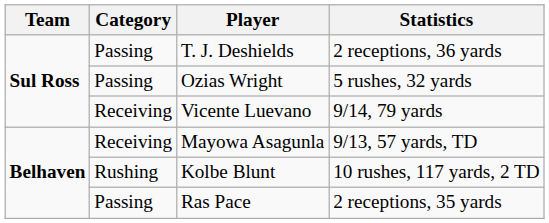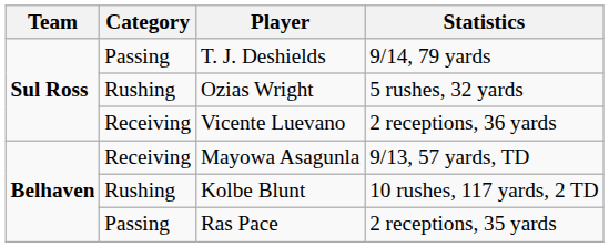 <table class="wikitable" style="float: right;">
 <tr>
 <th>Team</th>
 <th>Category</th>
 <th>Player</th>
 <th>Statistics</th>
 </tr>
 <tr>
 <td rowspan=3><strong>Sul Ross</strong></td>
 <td>Passing</td>
 <td>T. J. Deshields</td>
-<td>2 receptions, 36 yards</td>
+<td>9/14, 79 yards</td>
 </tr>
 <tr>
-<td>Passing</td>
+<td>Rushing</td>
 <td>Ozias Wright</td>
 <td>5 rushes, 32 yards</td>
 </tr>
 <tr>
 <td>Receiving</td>
 <td>Vicente Luevano</td>
-<td>9/14, 79 yards</td>
+<td>2 receptions, 36 yards</td>
 </tr>
 <tr>
 <td rowspan=3><strong>Belhaven</strong></td>
 <td>Receiving</td>
 <td>Mayowa Asagunla</td>
 <td>9/13, 57 yards, TD</td>
 </tr>
 <tr>
 <td>Rushing</td>
 <td>Kolbe Blunt</td>
 <td>10 rushes, 117 yards, 2 TD</td>
 </tr>
 <tr>
 <td>Passing</td>
 <td>Ras Pace</td>
 <td>2 receptions, 35 yards</td>
 </tr>
 </table>
